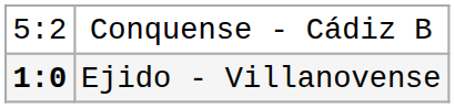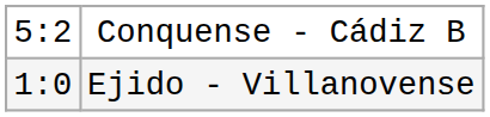 <table class="wikitable">
 <tr align=center bgcolor=white>
 <td>5:2</td>
 <td>Conquense - Cádiz B</td>
 </tr>
 <tr align=center bgcolor=#F5F5F5>
-<td><strong>1:0</strong></td>
+<td>1:0</td>
 <td>Ejido - Villanovense</td>
 </tr>
 </table>
